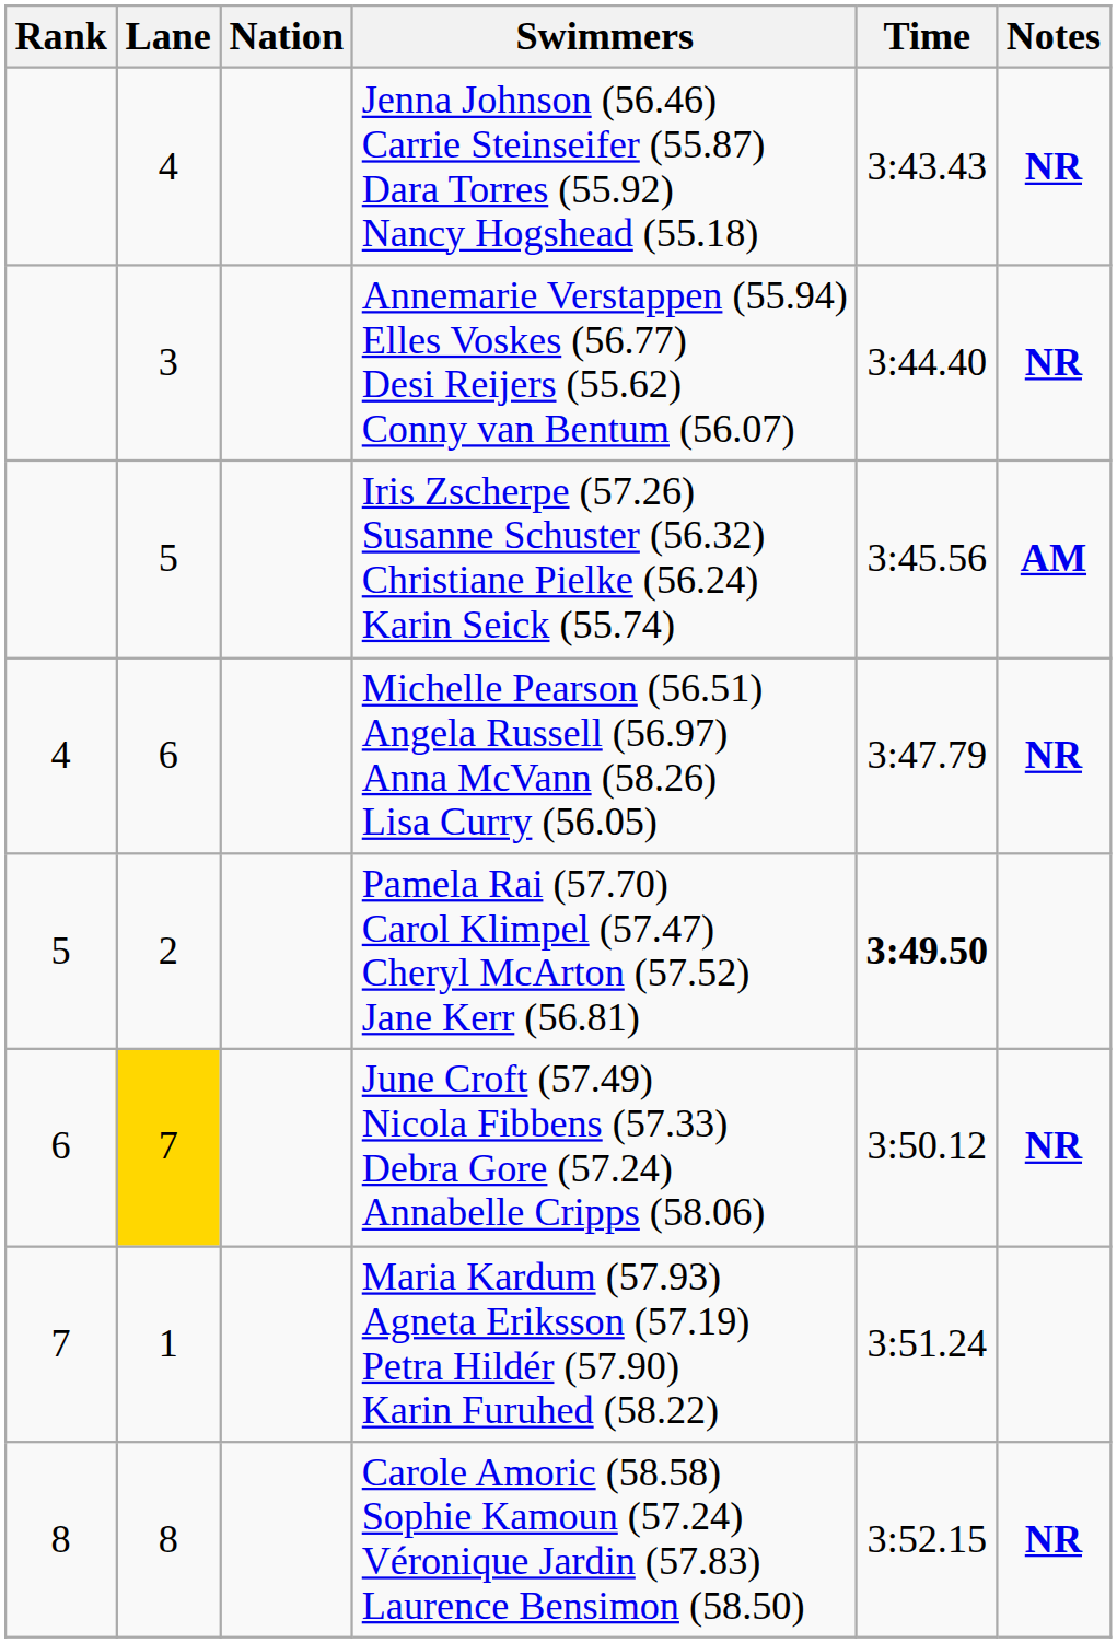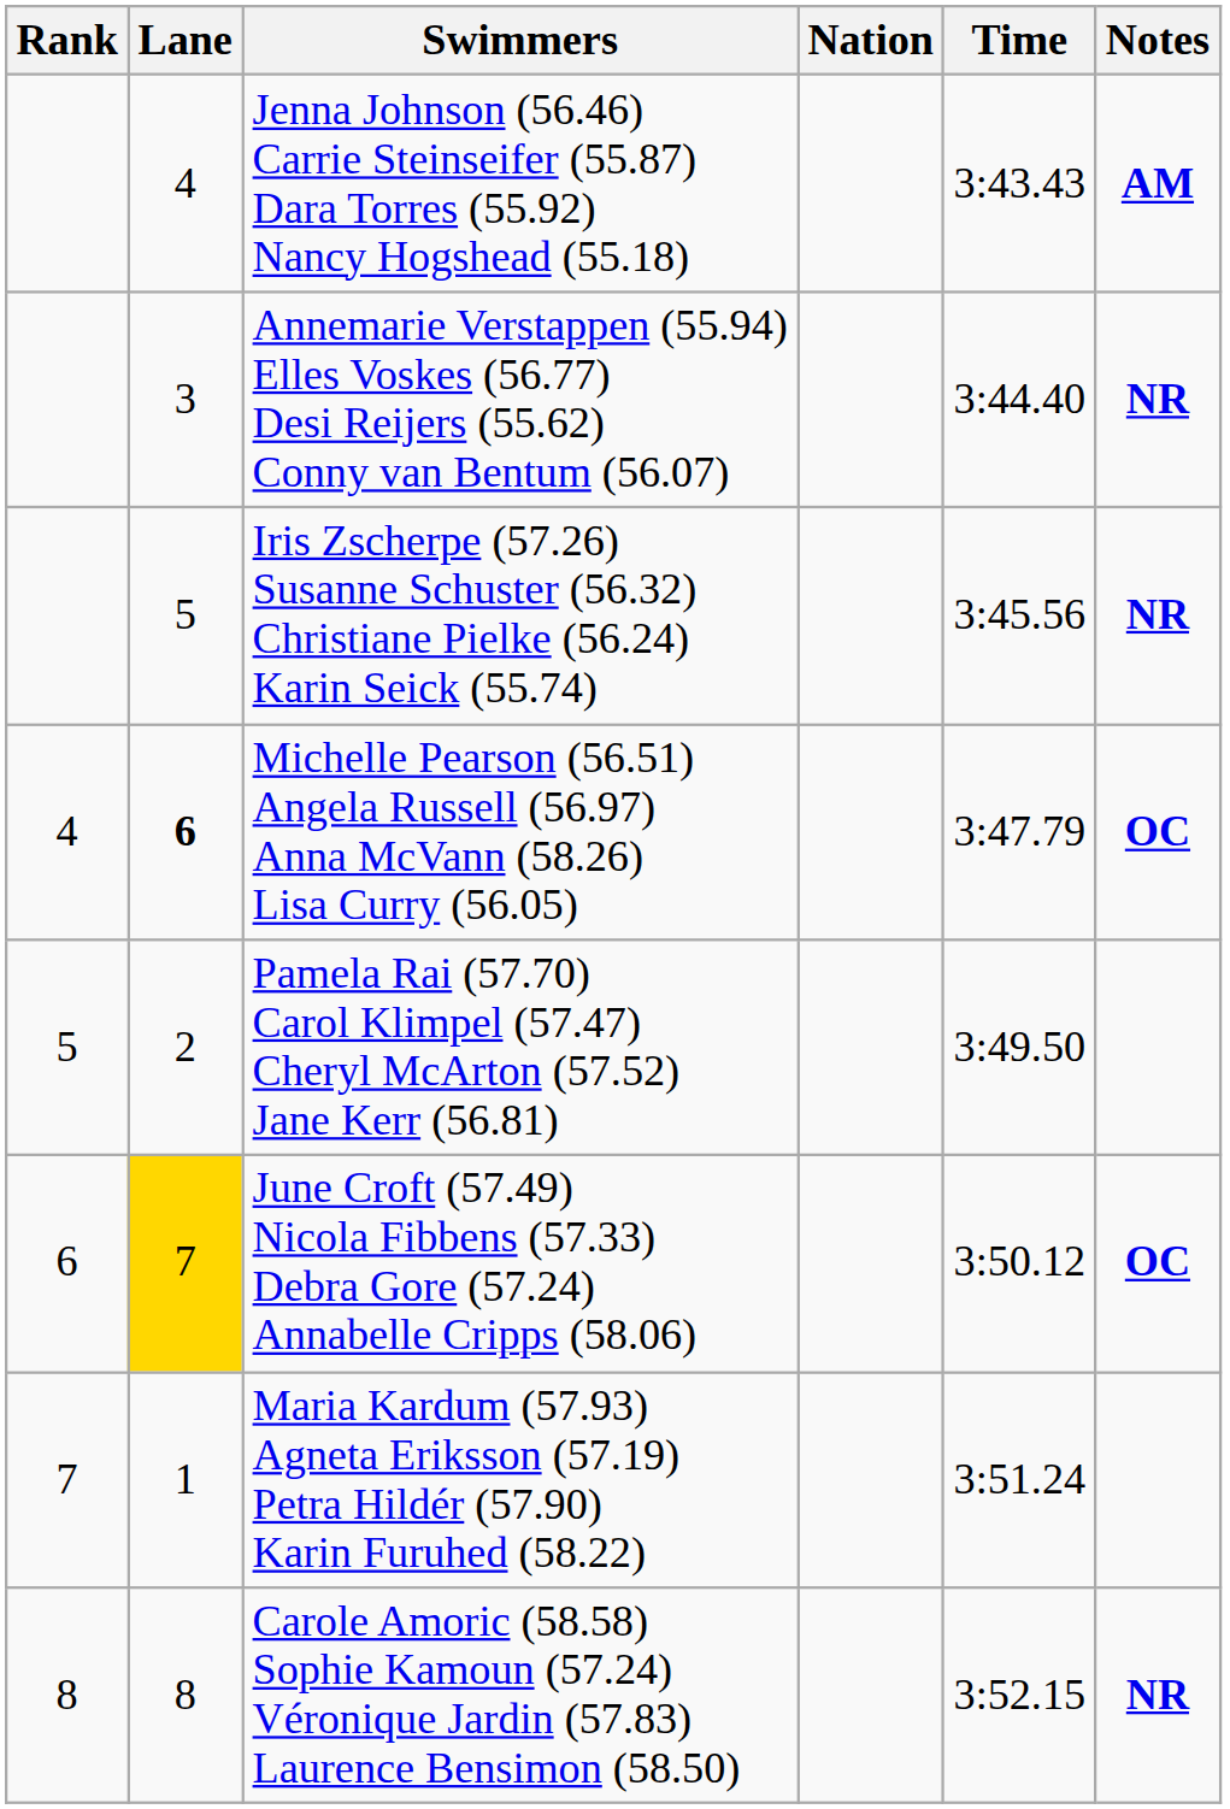 <table class="wikitable sortable" style="text-align:center">
 <tr>
 <th>Rank</th>
 <th>Lane</th>
+<th>Swimmers</th>
 <th>Nation</th>
-<th>Swimmers</th>
 <th>Time</th>
 <th>Notes</th>
 </tr>
 <tr>
 <td></td>
 <td>4</td>
+<td align=left><a href='#'>Jenna Johnson</a> (56.46)<br><a href='#'>Carrie Steinseifer</a> (55.87)<br><a href='#'>Dara Torres</a> (55.92)<br><a href='#'>Nancy Hogshead</a> (55.18)</td>
 <td align=left></td>
-<td align=left><a href='#'>Jenna Johnson</a> (56.46)<br><a href='#'>Carrie Steinseifer</a> (55.87)<br><a href='#'>Dara Torres</a> (55.92)<br><a href='#'>Nancy Hogshead</a> (55.18)</td>
 <td>3:43.43</td>
-<td><strong><a href='#'>NR</a></strong></td>
+<td><strong><a href='#'>AM</a></strong></td>
 </tr>
 <tr>
 <td></td>
 <td>3</td>
+<td align=left><a href='#'>Annemarie Verstappen</a> (55.94)<br><a href='#'>Elles Voskes</a> (56.77)<br><a href='#'>Desi Reijers</a> (55.62)<br><a href='#'>Conny van Bentum</a> (56.07)</td>
 <td align=left></td>
-<td align=left><a href='#'>Annemarie Verstappen</a> (55.94)<br><a href='#'>Elles Voskes</a> (56.77)<br><a href='#'>Desi Reijers</a> (55.62)<br><a href='#'>Conny van Bentum</a> (56.07)</td>
 <td>3:44.40</td>
 <td><strong><a href='#'>NR</a></strong></td>
 </tr>
 <tr>
 <td></td>
 <td>5</td>
+<td align=left><a href='#'>Iris Zscherpe</a> (57.26)<br><a href='#'>Susanne Schuster</a> (56.32)<br><a href='#'>Christiane Pielke</a> (56.24)<br><a href='#'>Karin Seick</a> (55.74)</td>
 <td align=left></td>
-<td align=left><a href='#'>Iris Zscherpe</a> (57.26)<br><a href='#'>Susanne Schuster</a> (56.32)<br><a href='#'>Christiane Pielke</a> (56.24)<br><a href='#'>Karin Seick</a> (55.74)</td>
 <td>3:45.56</td>
-<td><strong><a href='#'>AM</a></strong></td>
+<td><strong><a href='#'>NR</a></strong></td>
 </tr>
 <tr>
 <td>4</td>
-<td>6</td>
+<td><strong>6</strong></td>
+<td align=left><a href='#'>Michelle Pearson</a> (56.51)<br><a href='#'>Angela Russell</a> (56.97)<br><a href='#'>Anna McVann</a> (58.26)<br><a href='#'>Lisa Curry</a> (56.05)</td>
 <td align=left></td>
-<td align=left><a href='#'>Michelle Pearson</a> (56.51)<br><a href='#'>Angela Russell</a> (56.97)<br><a href='#'>Anna McVann</a> (58.26)<br><a href='#'>Lisa Curry</a> (56.05)</td>
 <td>3:47.79</td>
-<td><strong><a href='#'>NR</a></strong></td>
+<td><strong><a href='#'>OC</a></strong></td>
 </tr>
 <tr>
 <td>5</td>
 <td>2</td>
+<td align=left><a href='#'>Pamela Rai</a> (57.70)<br><a href='#'>Carol Klimpel</a> (57.47)<br><a href='#'>Cheryl McArton</a> (57.52)<br><a href='#'>Jane Kerr</a> (56.81)</td>
 <td align=left></td>
-<td align=left><a href='#'>Pamela Rai</a> (57.70)<br><a href='#'>Carol Klimpel</a> (57.47)<br><a href='#'>Cheryl McArton</a> (57.52)<br><a href='#'>Jane Kerr</a> (56.81)</td>
-<td><strong>3:49.50</strong></td>
+<td>3:49.50</td>
 <td></td>
 </tr>
 <tr>
 <td>6</td>
 <td style="background: gold;">7</td>
+<td align=left><a href='#'>June Croft</a> (57.49)<br><a href='#'>Nicola Fibbens</a> (57.33)<br><a href='#'>Debra Gore</a> (57.24)<br><a href='#'>Annabelle Cripps</a> (58.06)</td>
 <td align=left></td>
-<td align=left><a href='#'>June Croft</a> (57.49)<br><a href='#'>Nicola Fibbens</a> (57.33)<br><a href='#'>Debra Gore</a> (57.24)<br><a href='#'>Annabelle Cripps</a> (58.06)</td>
 <td>3:50.12</td>
-<td><strong><a href='#'>NR</a></strong></td>
+<td><strong><a href='#'>OC</a></strong></td>
 </tr>
 <tr>
 <td>7</td>
 <td>1</td>
+<td align=left><a href='#'>Maria Kardum</a> (57.93)<br><a href='#'>Agneta Eriksson</a> (57.19)<br><a href='#'>Petra Hildér</a> (57.90)<br><a href='#'>Karin Furuhed</a> (58.22)</td>
 <td align=left></td>
-<td align=left><a href='#'>Maria Kardum</a> (57.93)<br><a href='#'>Agneta Eriksson</a> (57.19)<br><a href='#'>Petra Hildér</a> (57.90)<br><a href='#'>Karin Furuhed</a> (58.22)</td>
 <td>3:51.24</td>
 <td></td>
 </tr>
 <tr>
 <td>8</td>
 <td>8</td>
+<td align=left><a href='#'>Carole Amoric</a> (58.58)<br><a href='#'>Sophie Kamoun</a> (57.24)<br><a href='#'>Véronique Jardin</a> (57.83)<br><a href='#'>Laurence Bensimon</a> (58.50)</td>
 <td align=left></td>
-<td align=left><a href='#'>Carole Amoric</a> (58.58)<br><a href='#'>Sophie Kamoun</a> (57.24)<br><a href='#'>Véronique Jardin</a> (57.83)<br><a href='#'>Laurence Bensimon</a> (58.50)</td>
 <td>3:52.15</td>
 <td><strong><a href='#'>NR</a></strong></td>
 </tr>
 </table>
